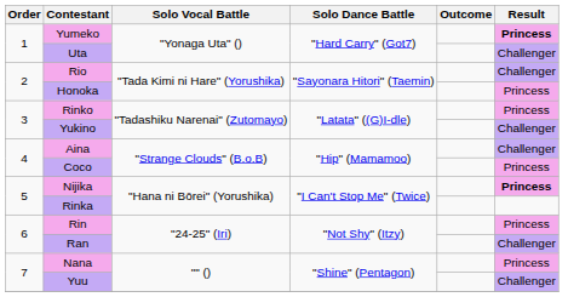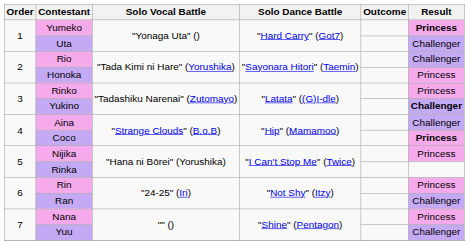 <table class="wikitable sortable" style="text-align:center;">
 <tr>
 <th>Order</th>
 <th>Contestant</th>
 <th>Solo Vocal Battle</th>
 <th>Solo Dance Battle</th>
 <th>Outcome</th>
 <th>Result<br></th>
 </tr>
 <tr>
 <td rowspan="2">1</td>
 <td style="background:#F5AAEC;">Yumeko</td>
 <td rowspan="2">"Yonaga Uta" ()</td>
 <td rowspan="2">"<a href='#'>Hard Carry</a>" (<a href='#'>Got7</a>)</td>
 <td></td>
 <td style="background:#F5AAEC;"><strong>Princess</strong></td>
 </tr>
 <tr>
 <td style="background:#c4aaf5;">Uta</td>
 <td></td>
 <td style="background:#c4aaf5;">Challenger</td>
 </tr>
 <tr>
 <td rowspan="2">2</td>
 <td style="background:#F5AAEC;">Rio</td>
 <td rowspan="2">"Tada Kimi ni Hare" (<a href='#'>Yorushika</a>)</td>
 <td rowspan="2">"<a href='#'>Sayonara Hitori</a>" (<a href='#'>Taemin</a>)</td>
 <td></td>
 <td style="background:#c4aaf5;">Challenger</td>
 </tr>
 <tr>
 <td style="background:#c4aaf5;">Honoka</td>
 <td></td>
 <td style="background:#F5AAEC;">Princess</td>
 </tr>
 <tr>
 <td rowspan="2">3</td>
 <td style="background:#F5AAEC;">Rinko</td>
 <td rowspan="2">"Tadashiku Narenai" (<a href='#'>Zutomayo</a>)</td>
 <td rowspan="2">"<a href='#'>Latata</a>" (<a href='#'>(G)I-dle</a>)</td>
 <td></td>
 <td style="background:#F5AAEC;">Princess</td>
 </tr>
 <tr>
 <td style="background:#c4aaf5;">Yukino</td>
 <td></td>
-<td style="background:#c4aaf5;">Challenger</td>
+<td style="background:#c4aaf5;"><strong>Challenger</strong></td>
 </tr>
 <tr>
 <td rowspan="2">4</td>
 <td style="background:#F5AAEC;">Aina</td>
 <td rowspan="2">"<a href='#'>Strange Clouds</a>" (<a href='#'>B.o.B</a>)</td>
 <td rowspan="2">"<a href='#'>Hip</a>" (<a href='#'>Mamamoo</a>)</td>
 <td></td>
 <td style="background:#c4aaf5;">Challenger</td>
 </tr>
 <tr>
 <td style="background:#c4aaf5;">Coco</td>
 <td></td>
-<td style="background:#F5AAEC;">Princess</td>
+<td style="background:#F5AAEC;"><strong>Princess</strong></td>
 </tr>
 <tr>
 <td rowspan="2">5</td>
 <td style="background:#F5AAEC;">Nijika</td>
 <td rowspan="2">"Hana ni Bōrei" (Yorushika)</td>
 <td rowspan="2">"<a href='#'>I Can't Stop Me</a>" (<a href='#'>Twice</a>)</td>
 <td></td>
-<td style="background:#F5AAEC;"><strong>Princess</strong></td>
+<td style="background:#F5AAEC;">Princess</td>
 </tr>
 <tr>
 <td style="background:#c4aaf5;">Rinka</td>
 <td></td>
 <td></td>
 </tr>
 <tr>
 <td rowspan="2">6</td>
 <td style="background:#F5AAEC;">Rin</td>
 <td rowspan="2">"24-25" (<a href='#'>Iri</a>)</td>
 <td rowspan="2">"<a href='#'>Not Shy</a>" (<a href='#'>Itzy</a>)</td>
 <td></td>
 <td style="background:#F5AAEC;">Princess</td>
 </tr>
 <tr>
 <td style="background:#c4aaf5;">Ran</td>
 <td></td>
 <td style="background:#c4aaf5;">Challenger</td>
 </tr>
 <tr>
 <td rowspan="2">7</td>
 <td style="background:#F5AAEC;">Nana</td>
 <td rowspan="2">"" ()</td>
 <td rowspan="2">"<a href='#'>Shine</a>" (<a href='#'>Pentagon</a>)</td>
 <td></td>
 <td style="background:#F5AAEC;">Princess</td>
 </tr>
 <tr>
 <td style="background:#c4aaf5;">Yuu</td>
 <td></td>
 <td style="background:#c4aaf5;">Challenger</td>
 </tr>
 <tr>
 </tr>
 </table>
